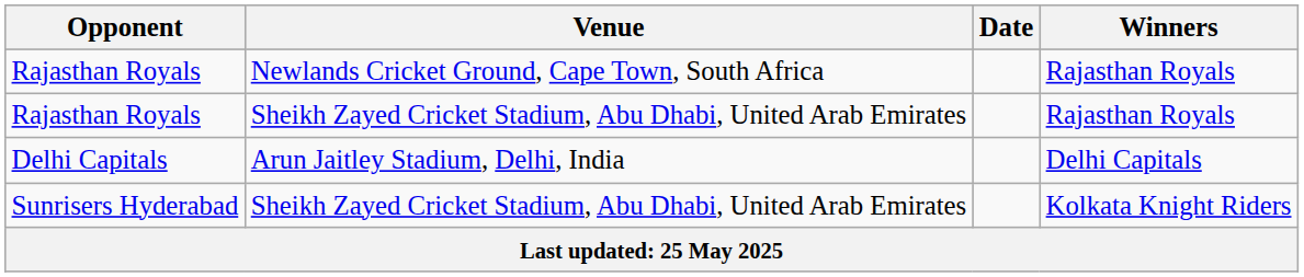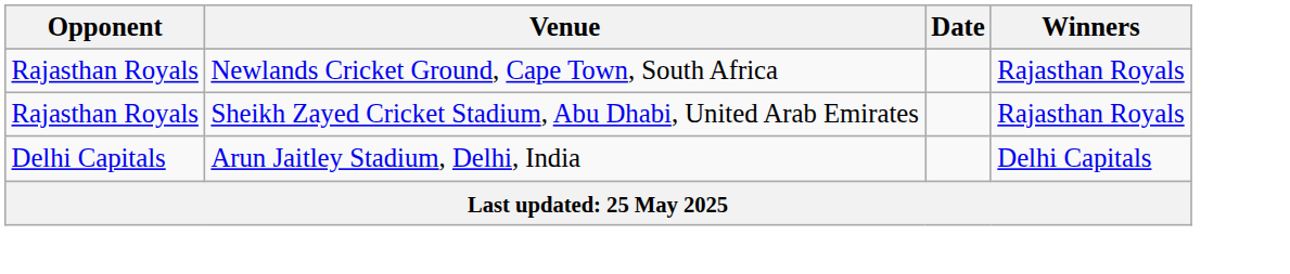 <table class="wikitable sortable" style="text-align:left;font-size:96%;">
 <tr>
 <th>Opponent</th>
 <th>Venue</th>
 <th>Date</th>
 <th>Winners</th>
 </tr>
 <tr>
 <td><a href='#'>Rajasthan Royals</a></td>
 <td><a href='#'>Newlands Cricket Ground</a>, <a href='#'>Cape Town</a>, South Africa</td>
 <td></td>
 <td><a href='#'>Rajasthan Royals</a></td>
 </tr>
 <tr>
 <td><a href='#'>Rajasthan Royals</a></td>
 <td><a href='#'>Sheikh Zayed Cricket Stadium</a>, <a href='#'>Abu Dhabi</a>, United Arab Emirates</td>
 <td> </td>
 <td><a href='#'>Rajasthan Royals</a></td>
 </tr>
 <tr>
 <td><a href='#'>Delhi Capitals</a></td>
 <td><a href='#'>Arun Jaitley Stadium</a>, <a href='#'>Delhi</a>, India</td>
 <td></td>
 <td><a href='#'>Delhi Capitals</a></td>
 </tr>
-<tr>
-<td><a href='#'>Sunrisers Hyderabad</a></td>
-<td><a href='#'>Sheikh Zayed Cricket Stadium</a>, <a href='#'>Abu Dhabi</a>, United Arab Emirates</td>
-<td></td>
-<td><a href='#'>Kolkata Knight Riders</a></td>
-</tr>
 <tr class="sortbottom">
 <th colspan="4"><small>Last updated: 25 May 2025</small></th>
 </tr>
 </table>
